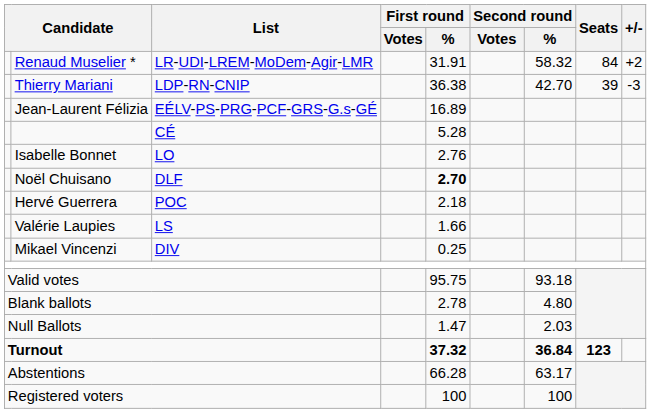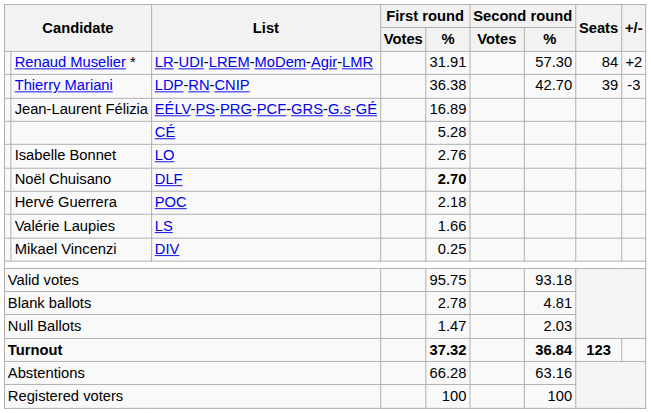 <table class="wikitable centre" style="text-align:right;">
 <tr>
 <th rowspan=2 colspan=2 scope=col>Candidate</th>
 <th rowspan=2 scope=col>List</th>
 <th colspan=2 scope=col>First round</th>
 <th colspan=2 scope=col>Second round</th>
 <th rowspan=2 scope=col>Seats</th>
 <th rowspan=2 scope=col>+/-</th>
 </tr>
 <tr>
 <th scope=col>Votes</th>
 <th scope=col>%</th>
 <th scope=col>Votes</th>
 <th scope=col>%</th>
 </tr>
 <tr>
 <td style="color:inherit;background:"></td>
 <td align="left"><a href='#'>Renaud Muselier</a> *</td>
 <td align="left"><a href='#'>LR</a>-<a href='#'>UDI</a>-<a href='#'>LREM</a>-<a href='#'>MoDem</a>-<a href='#'>Agir</a>-<a href='#'>LMR</a></td>
 <td></td>
 <td>31.91</td>
 <td></td>
-<td>58.32</td>
+<td>57.30</td>
 <td>84</td>
 <td align="center">+2</td>
 </tr>
 <tr>
 <td style="color:inherit;background:"></td>
 <td align="left"><a href='#'>Thierry Mariani</a></td>
 <td align="left"><a href='#'>LDP</a>-<a href='#'>RN</a>-<a href='#'>CNIP</a></td>
 <td></td>
 <td>36.38</td>
 <td></td>
 <td>42.70</td>
 <td>39</td>
 <td align="center">-3</td>
 </tr>
 <tr>
 <td style="color:inherit;background:"></td>
 <td align="left">Jean-Laurent Félizia</td>
 <td align="left"><a href='#'>EÉLV</a>-<a href='#'>PS</a>-<a href='#'>PRG</a>-<a href='#'>PCF</a>-<a href='#'>GRS</a>-<a href='#'>G.s</a>-<a href='#'>GÉ</a></td>
 <td></td>
 <td>16.89</td>
 <td></td>
 <td></td>
 <td></td>
 <td align="center"></td>
 </tr>
 <tr>
 <td style="color:inherit;background:"></td>
 <td align="left"></td>
 <td align="left"><a href='#'>CÉ</a></td>
 <td></td>
 <td>5.28</td>
 <td></td>
 <td></td>
 <td></td>
 <td align="center"></td>
 </tr>
 <tr>
 <td style="color:inherit;background:"></td>
 <td align="left">Isabelle Bonnet</td>
 <td align="left"><a href='#'>LO</a></td>
 <td></td>
 <td>2.76</td>
 <td></td>
 <td></td>
 <td></td>
 <td align="center"></td>
 </tr>
 <tr>
 <td style="color:inherit;background:"></td>
 <td align="left">Noël Chuisano</td>
 <td align="left"><a href='#'>DLF</a></td>
 <td></td>
 <td><strong>2.70</strong></td>
 <td></td>
 <td></td>
 <td></td>
 <td align="center"></td>
 </tr>
 <tr>
 <td style="color:inherit;background:"></td>
 <td align="left">Hervé Guerrera</td>
 <td align="left"><a href='#'>POC</a></td>
 <td></td>
 <td>2.18</td>
 <td></td>
 <td></td>
 <td></td>
 <td align="center"></td>
 </tr>
 <tr>
 <td style="color:inherit;background:"></td>
 <td align="left">Valérie Laupies</td>
 <td align="left"><a href='#'>LS</a></td>
 <td></td>
 <td>1.66</td>
 <td></td>
 <td></td>
 <td></td>
 <td align="center"></td>
 </tr>
 <tr>
 <td style="color:inherit;background:"></td>
 <td align="left">Mikael Vincenzi</td>
 <td align="left"><a href='#'>DIV</a></td>
 <td></td>
 <td>0.25</td>
 <td></td>
 <td></td>
 <td></td>
 <td align="center"></td>
 </tr>
 <tr style="background:white;">
 <td colspan=9></td>
 </tr>
 <tr>
 <td colspan=3 style="text-align:left;">Valid votes</td>
 <td></td>
 <td>95.75</td>
 <td></td>
 <td>93.18</td>
 <td colspan="2" rowspan="3" bgcolor=#F4F4F4></td>
 </tr>
 <tr>
 <td colspan=3 style="text-align:left;">Blank ballots</td>
 <td></td>
 <td>2.78</td>
 <td></td>
-<td>4.80</td>
+<td>4.81</td>
 </tr>
 <tr>
 <td colspan=3 style="text-align:left;">Null Ballots</td>
 <td></td>
 <td>1.47</td>
 <td></td>
 <td>2.03</td>
 </tr>
 <tr style="font-weight:bold;">
 <td colspan=3 style="text-align:left;">Turnout</td>
 <td></td>
 <td>37.32</td>
 <td></td>
 <td>36.84</td>
 <td align=center>123</td>
 <td align=center></td>
 </tr>
 <tr>
 <td colspan=3 style="text-align:left;">Abstentions</td>
 <td></td>
 <td>66.28</td>
 <td></td>
-<td>63.17</td>
+<td>63.16</td>
 <td colspan="2" rowspan="2" bgcolor=#F4F4F4></td>
 </tr>
 <tr>
 <td colspan=3 style="text-align:left;">Registered voters</td>
 <td></td>
 <td>100</td>
 <td></td>
 <td>100</td>
 </tr>
 </table>
